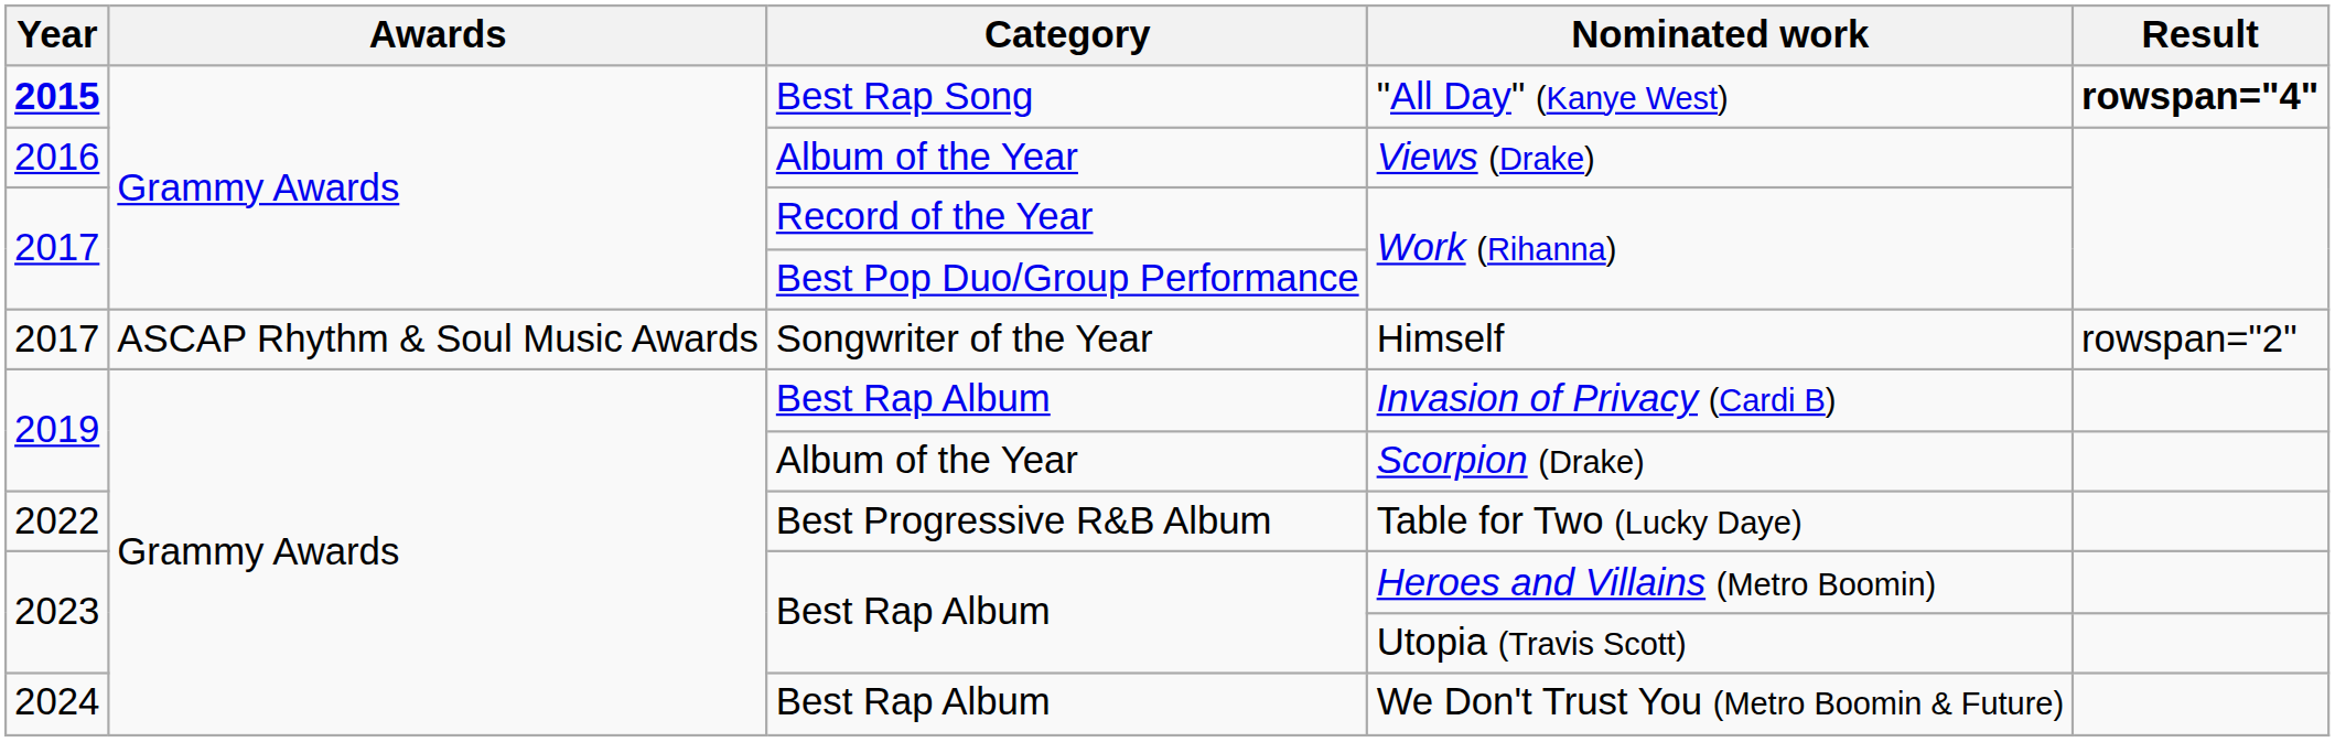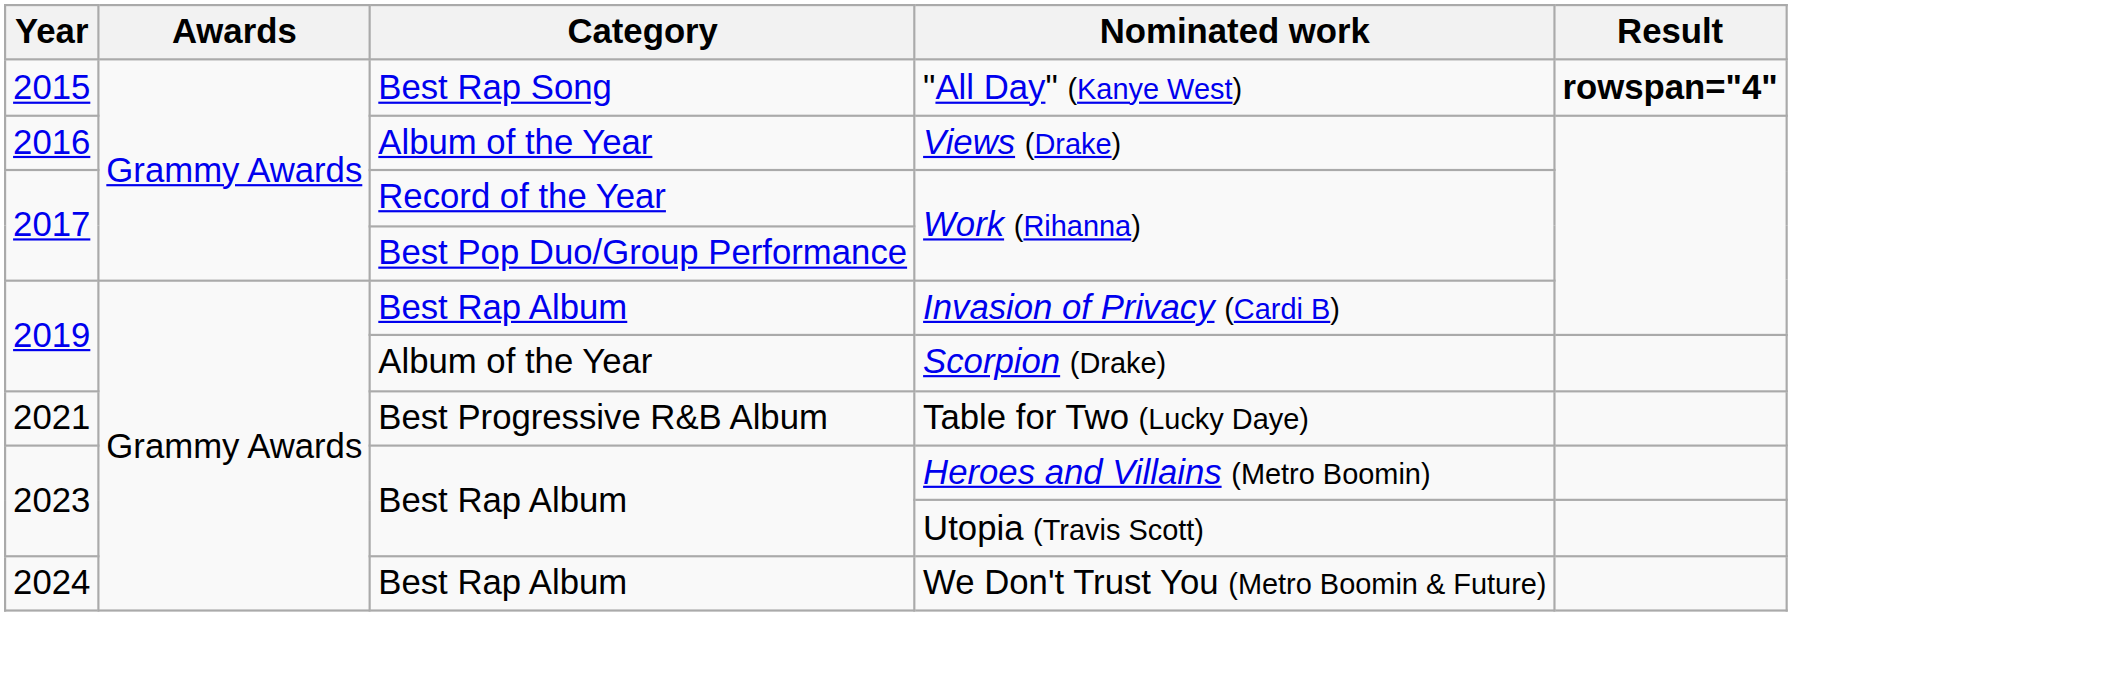 <table class="wikitable">
 <tr>
 <th scope="col">Year</th>
 <th scope="col">Awards</th>
 <th>Category</th>
 <th>Nominated work</th>
 <th scope="col">Result</th>
 </tr>
 <tr>
-<td><strong><a href='#'>2015</a></strong></td>
+<td><a href='#'>2015</a></td>
 <td rowspan="4"><a href='#'>Grammy Awards</a></td>
 <td><a href='#'>Best Rap Song</a></td>
 <td>"<a href='#'>All Day</a>" <small>(<a href='#'>Kanye West</a>)</small></td>
 <td><strong>rowspan="4" </strong></td>
 </tr>
 <tr>
 <td><a href='#'>2016</a></td>
 <td><a href='#'>Album of the Year</a></td>
 <td><em><a href='#'>Views</a></em> <small>(<a href='#'>Drake</a>)</small></td>
 </tr>
 <tr>
 <td rowspan="2"><a href='#'>2017</a></td>
 <td><a href='#'>Record of the Year</a></td>
 <td rowspan="2"><em><a href='#'>Work</a></em> <small>(<a href='#'>Rihanna</a>)</small></td>
 </tr>
 <tr>
 <td><a href='#'>Best Pop Duo/Group Performance</a></td>
 </tr>
 <tr>
-<td>2017</td>
-<td>ASCAP Rhythm & Soul Music Awards</td>
-<td>Songwriter of the Year</td>
-<td>Himself</td>
-<td>rowspan="2" </td>
-</tr>
-<tr>
 <td rowspan="2"><a href='#'>2019</a></td>
 <td rowspan="6">Grammy Awards</td>
 <td><a href='#'>Best Rap Album</a></td>
 <td><em><a href='#'>Invasion of Privacy</a></em> <small>(<a href='#'>Cardi B</a>)</small></td>
 </tr>
 <tr>
 <td>Album of the Year</td>
 <td><em><a href='#'>Scorpion</a></em> <small>(Drake)</small></td>
 <td></td>
 </tr>
 <tr>
-<td>2022</td>
+<td>2021</td>
 <td>Best Progressive R&B Album</td>
 <td>Table for Two <small>(Lucky Daye)</small></td>
 <td></td>
 </tr>
 <tr>
 <td rowspan="2">2023</td>
 <td rowspan="2">Best Rap Album</td>
 <td><em><a href='#'>Heroes and Villains</a></em> <small>(Metro Boomin)</small></td>
 <td></td>
 </tr>
 <tr>
 <td>Utopia <small>(Travis Scott)</small></td>
 <td></td>
 </tr>
 <tr>
 <td>2024</td>
 <td>Best Rap Album</td>
 <td>We Don't Trust You <small>(Metro Boomin & Future)</small></td>
 <td></td>
 </tr>
 </table>
